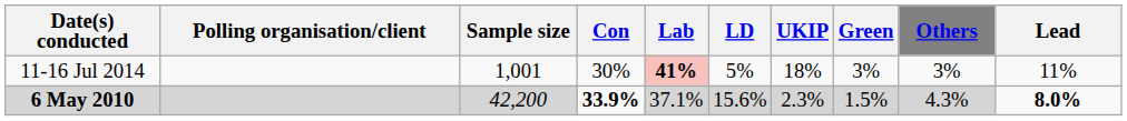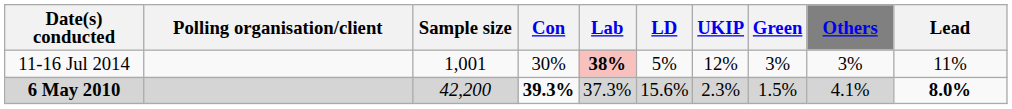 <table class="wikitable sortable" style="text-align:center;font-size:90%;line-height:14px">
 <tr>
 <th ! style="width:100px;">Date(s)<br>conducted</th>
 <th style="width:200px;">Polling organisation/client</th>
 <th class="unsortable" style="width:75px;">Sample size</th>
 <th class="unsortable" style="background:"><a href='#'><span>Con</span></a></th>
 <th class="unsortable" style="background:"><a href='#'><span>Lab</span></a></th>
 <th class="unsortable" style="background:"><a href='#'><span>LD</span></a></th>
 <th class="unsortable" style="background:"><a href='#'><span>UKIP</span></a></th>
 <th class="unsortable" style="background:"><a href='#'><span>Green</span></a></th>
 <th class="unsortable" style="background:gray; width:60px;"><a href='#'><span>Others</span></a></th>
 <th class="unsortable" style="width:80px;">Lead</th>
 </tr>
 <tr>
 <td>11-16 Jul 2014</td>
 <td> </td>
 <td>1,001</td>
 <td>30%</td>
-<td style="background:#F8C1BE"><strong>41%</strong></td>
+<td style="background:#F8C1BE"><strong>38%</strong></td>
 <td>5%</td>
-<td>18%</td>
+<td>12%</td>
 <td>3%</td>
 <td>3%</td>
 <td style="background:">11%</td>
 </tr>
 <tr>
 <td style="background:#D5D5D5"><strong>6 May 2010</strong></td>
 <td style="background:#D5D5D5"></td>
 <td style="background:#D5D5D5"><em>42,200</em></td>
-<td style="background:"><strong>33.9%</strong></td>
-<td style="background:#D5D5D5">37.1%</td>
+<td style="background:"><strong>39.3%</strong></td>
+<td style="background:#D5D5D5">37.3%</td>
 <td style="background:#D5D5D5">15.6%</td>
 <td style="background:#D5D5D5">2.3%</td>
 <td style="background:#D5D5D5">1.5%</td>
-<td style="background:#D5D5D5">4.3%</td>
+<td style="background:#D5D5D5">4.1%</td>
 <td style="background:"><strong>8.0% </strong></td>
 </tr>
 </table>
